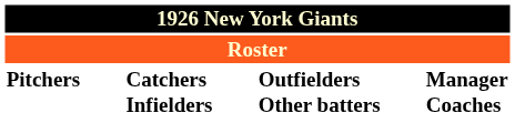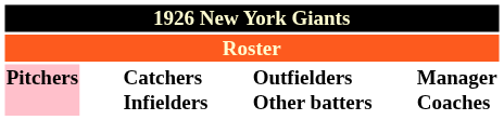 <table class="toccolours" style="font-size: 95%;">
 <tr>
 <th colspan="10" style="background-color: black; color: #FFFDD0; text-align: center;">1926 New York Giants</th>
 </tr>
 <tr>
 <td colspan="10" style="background-color: #fd5a1e; color: #FFFDD0; text-align: center;"><strong>Roster</strong></td>
 </tr>
 <tr>
-<td valign="top"><strong>Pitchers</strong><br>                </td>
+<td valign="top" style="background: pink;"><strong>Pitchers</strong><br>                </td>
 <td width="25px"></td>
 <td valign="top"><strong>Catchers</strong><br>        <strong>Infielders</strong>              </td>
 <td width="25px"></td>
 <td valign="top"><strong>Outfielders</strong><br>              <strong>Other batters</strong>  </td>
 <td width="25px"></td>
 <td valign="top"><strong>Manager</strong><br> <strong>Coaches</strong> </td>
 </tr>
 </table>
